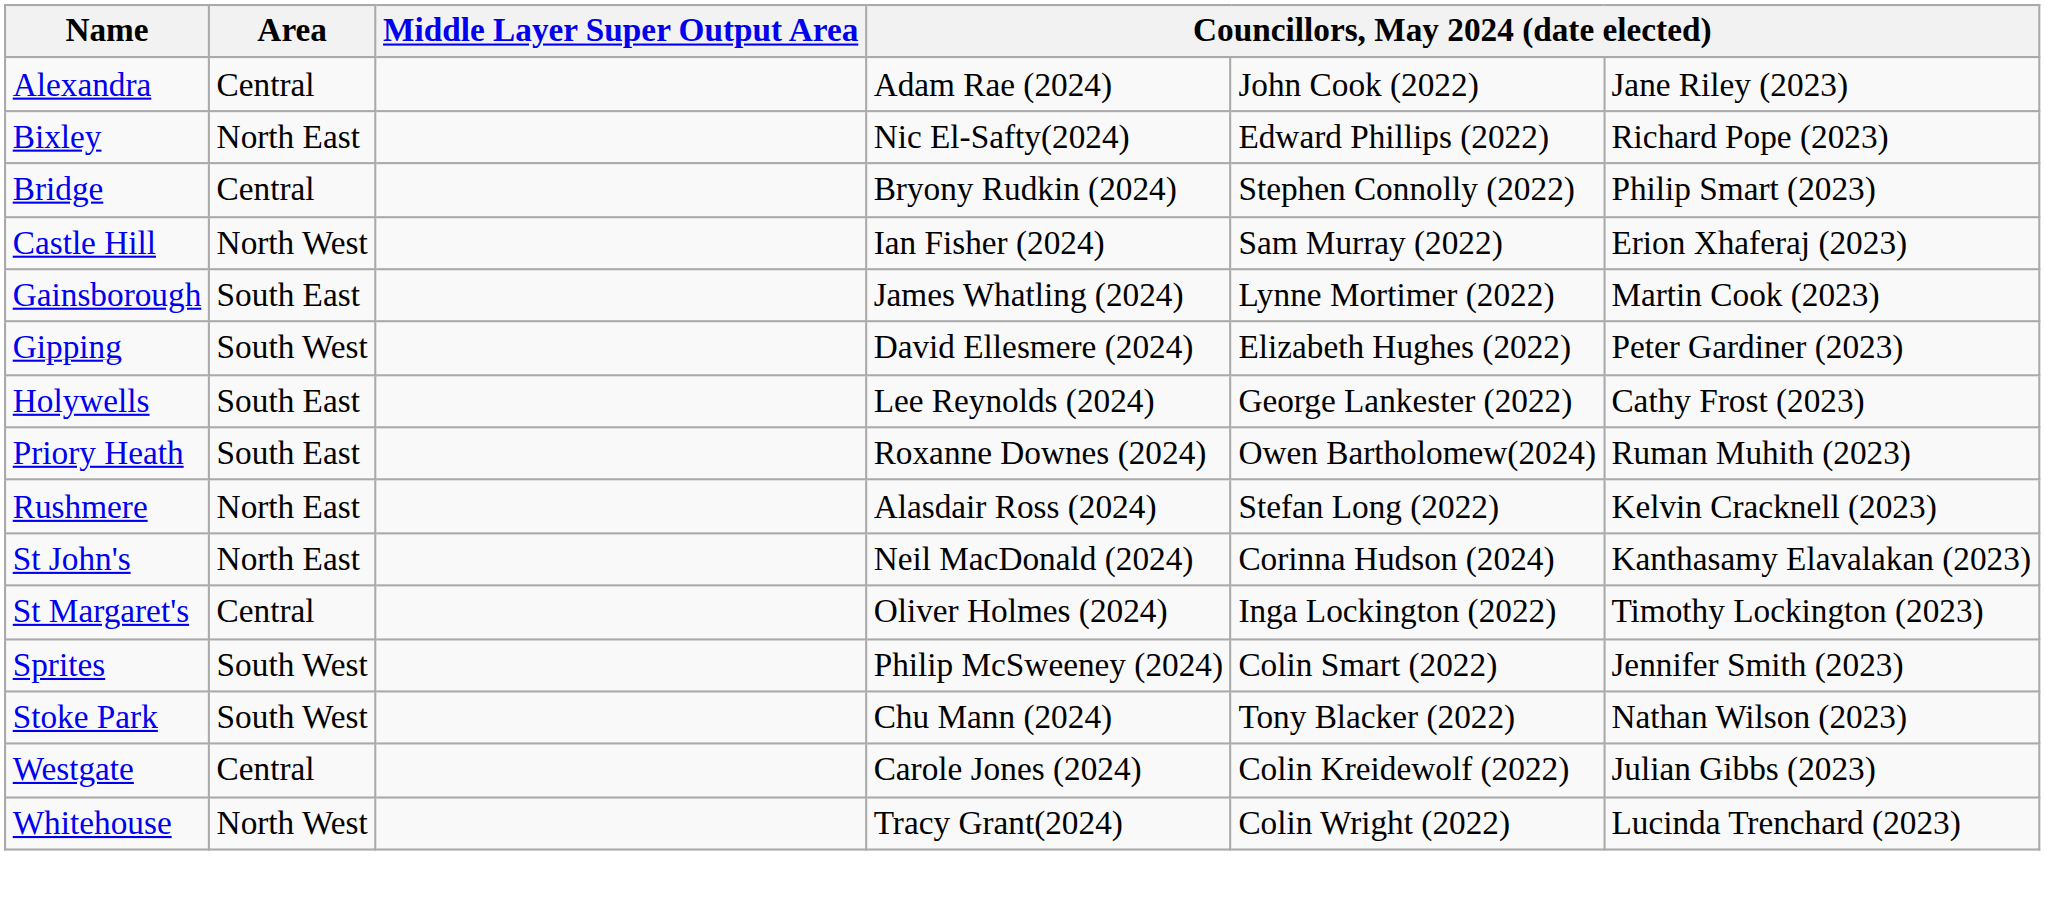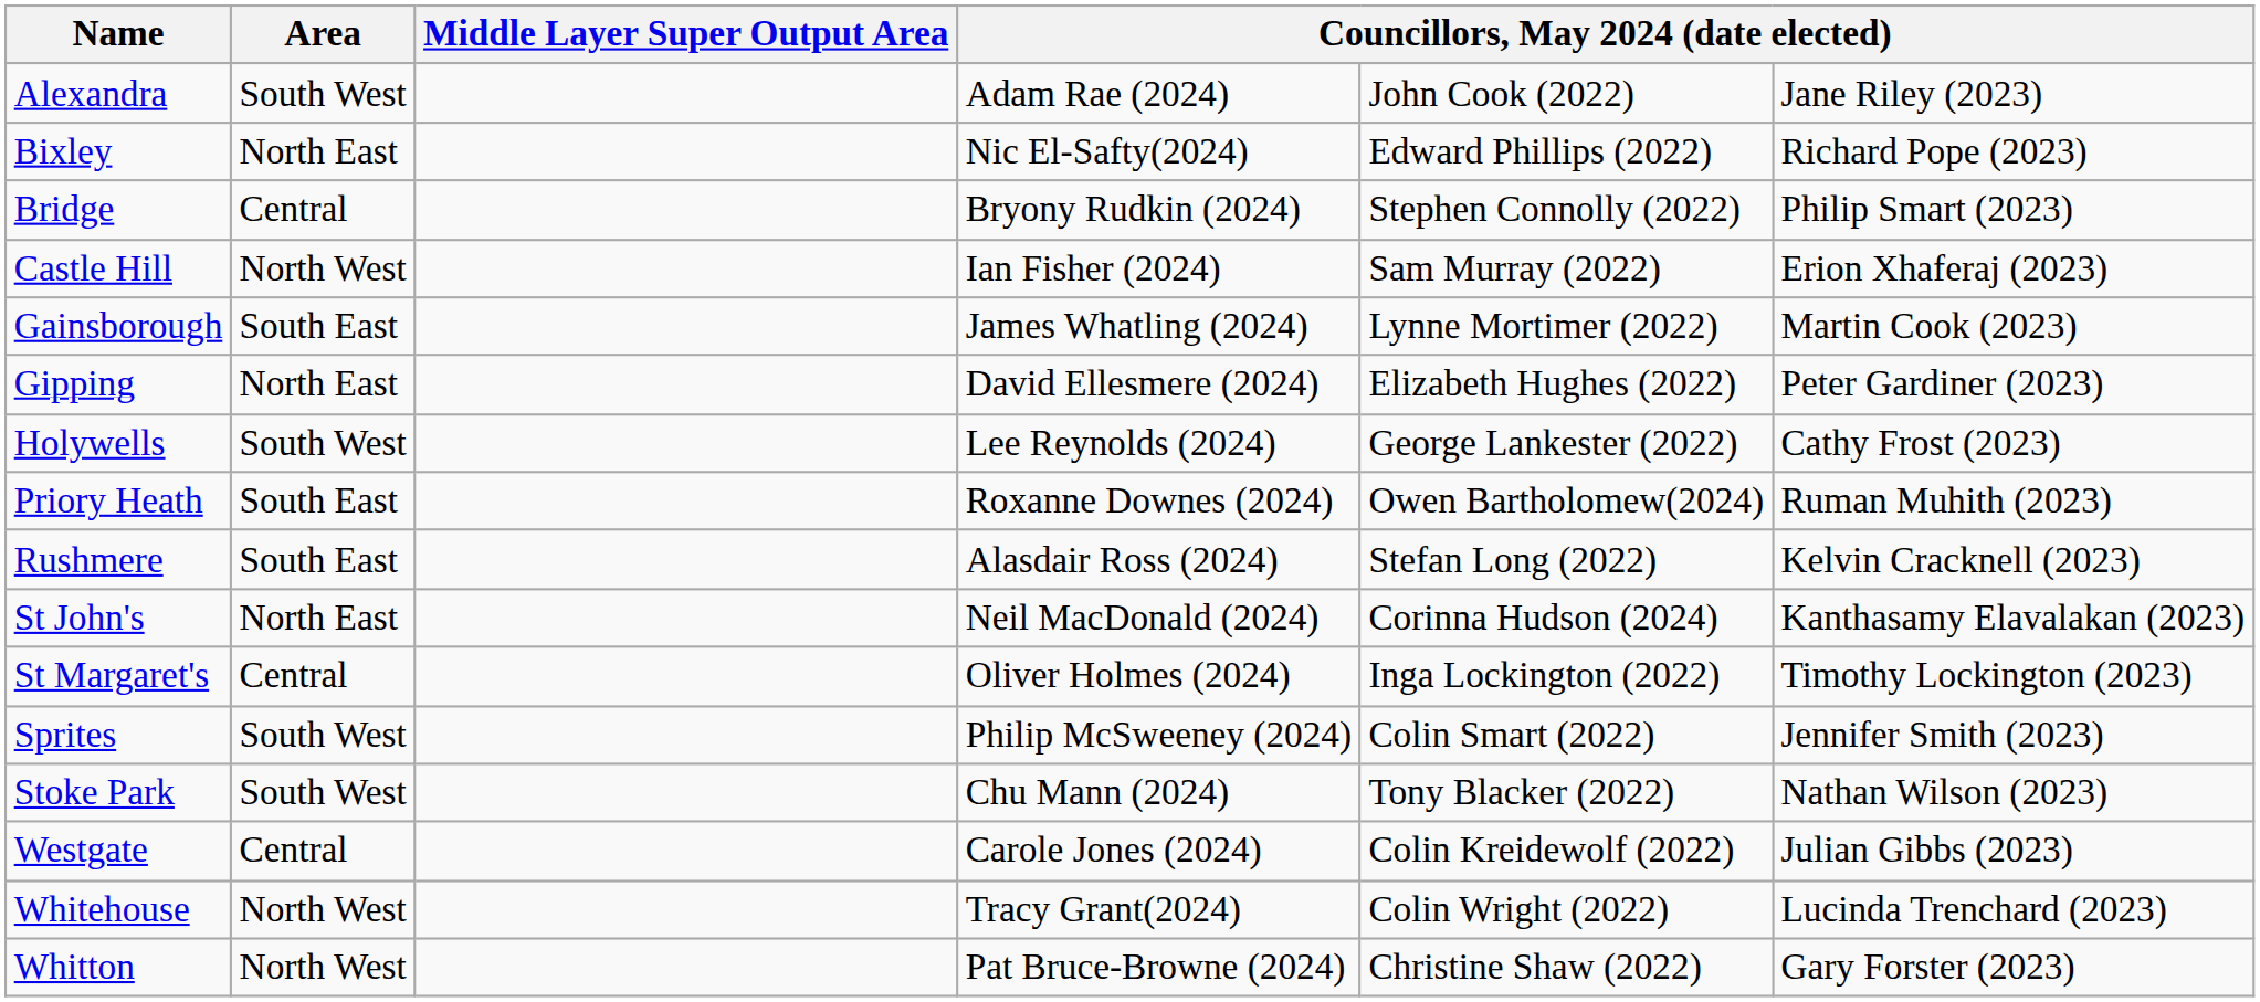 <table class="wikitable plainrowheaders sortable" style="text-align:left">
 <tr>
 <th>Name</th>
 <th>Area</th>
 <th><a href='#'>Middle Layer Super Output Area</a></th>
 <th colspan=3>Councillors, May 2024 (date elected)</th>
 </tr>
 <tr>
 <td><a href='#'>Alexandra</a></td>
-<td>Central</td>
+<td>South West</td>
 <td></td>
 <td ! style="background-color:">Adam Rae (2024)</td>
 <td ! style="background-color:">John Cook (2022)</td>
 <td ! style="background-color:">Jane Riley (2023)</td>
 </tr>
 <tr>
 <td><a href='#'>Bixley</a></td>
 <td>North East</td>
 <td></td>
 <td ! style="background-color:">Nic El-Safty(2024)</td>
 <td ! style="background-color:">Edward Phillips (2022)</td>
 <td ! style="background-color:">Richard Pope (2023)</td>
 </tr>
 <tr>
 <td><a href='#'>Bridge</a></td>
 <td>Central</td>
 <td></td>
 <td ! style="background-color:">Bryony Rudkin (2024)</td>
 <td ! style="background-color:">Stephen Connolly (2022)</td>
 <td ! style="background-color:">Philip Smart (2023)</td>
 </tr>
 <tr>
 <td><a href='#'>Castle Hill</a></td>
 <td>North West</td>
 <td></td>
 <td ! style="background-color:">Ian Fisher (2024)</td>
 <td ! style="background-color:">Sam Murray (2022)</td>
 <td ! style="background-color:">Erion Xhaferaj (2023)</td>
 </tr>
 <tr>
 <td><a href='#'>Gainsborough</a></td>
 <td>South East</td>
 <td></td>
 <td ! style="background-color:">James Whatling (2024)</td>
 <td ! style="background-color:">Lynne Mortimer (2022)</td>
 <td ! style="background-color:">Martin Cook (2023)</td>
 </tr>
 <tr>
 <td><a href='#'>Gipping</a></td>
-<td>South West</td>
+<td>North East</td>
 <td></td>
 <td ! style="background-color:">David Ellesmere (2024)</td>
 <td ! style="background-color:">Elizabeth Hughes (2022)</td>
 <td ! style="background-color:">Peter Gardiner (2023)</td>
 </tr>
 <tr>
 <td><a href='#'>Holywells</a></td>
-<td>South East</td>
+<td>South West</td>
 <td></td>
 <td ! style="background-color:">Lee Reynolds (2024)</td>
 <td ! style="background-color:">George Lankester (2022)</td>
 <td ! style="background-color:">Cathy Frost (2023)</td>
 </tr>
 <tr>
 <td><a href='#'>Priory Heath</a></td>
 <td>South East</td>
 <td></td>
 <td ! style="background-color:">Roxanne Downes (2024)</td>
 <td ! style="background-color:">Owen Bartholomew(2024)</td>
 <td ! style="background-color:">Ruman Muhith (2023)</td>
 </tr>
 <tr>
 <td><a href='#'>Rushmere</a></td>
-<td>North East</td>
+<td>South East</td>
 <td></td>
 <td ! style="background-color:">Alasdair Ross (2024)</td>
 <td ! style="background-color:">Stefan Long (2022)</td>
 <td ! style="background-color:">Kelvin Cracknell (2023)</td>
 </tr>
 <tr>
 <td><a href='#'>St John's</a></td>
 <td>North East</td>
 <td></td>
 <td ! style="background-color:">Neil MacDonald (2024)</td>
 <td ! style="background-color:">Corinna Hudson (2024)</td>
 <td ! style="background-color:">Kanthasamy Elavalakan (2023)</td>
 </tr>
 <tr>
 <td><a href='#'>St Margaret's</a></td>
 <td>Central</td>
 <td></td>
 <td ! style="background-color:">Oliver Holmes (2024)</td>
 <td ! style="background-color:">Inga Lockington (2022)</td>
 <td ! style="background-color:">Timothy Lockington (2023)</td>
 </tr>
 <tr>
 <td><a href='#'>Sprites</a></td>
 <td>South West</td>
 <td></td>
 <td ! style="background-color:">Philip McSweeney (2024)</td>
 <td ! style="background-color:">Colin Smart (2022)</td>
 <td ! style="background-color:">Jennifer Smith (2023)</td>
 </tr>
 <tr>
 <td><a href='#'>Stoke Park</a></td>
 <td>South West</td>
 <td></td>
 <td ! style="background-color:">Chu Mann (2024)</td>
 <td ! style="background-color:">Tony Blacker (2022)</td>
 <td ! style="background-color:">Nathan Wilson (2023)</td>
 </tr>
 <tr>
 <td><a href='#'>Westgate</a></td>
 <td>Central</td>
 <td></td>
 <td ! style="background-color:">Carole Jones (2024)</td>
 <td ! style="background-color:">Colin Kreidewolf (2022)</td>
 <td ! style="background-color:">Julian Gibbs (2023)</td>
 </tr>
 <tr>
 <td><a href='#'>Whitehouse</a></td>
 <td>North West</td>
 <td></td>
 <td ! style="background-color:">Tracy Grant(2024)</td>
 <td ! style="background-color:">Colin Wright (2022)</td>
 <td ! style="background-color:">Lucinda Trenchard (2023)</td>
 </tr>
+<tr>
+<td><a href='#'>Whitton</a></td>
+<td>North West</td>
+<td></td>
+<td ! style="background-color:">Pat Bruce-Browne (2024)</td>
+<td ! style="background-color:">Christine Shaw (2022)</td>
+<td ! style="background-color:">Gary Forster (2023)</td>
+</tr>
 </table>
